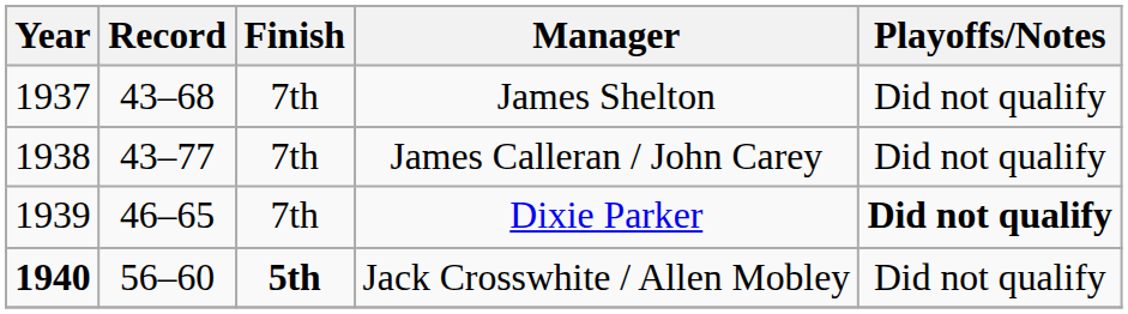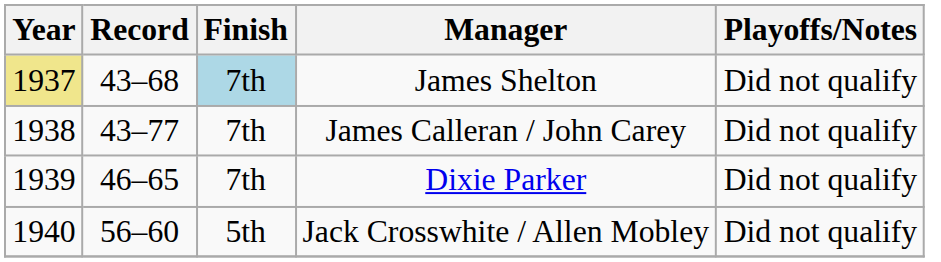 <table class="wikitable" style="text-align:center">
 <tr>
 <th>Year</th>
 <th>Record</th>
 <th>Finish</th>
 <th>Manager</th>
 <th>Playoffs/Notes</th>
 </tr>
 <tr>
-<td>1937</td>
+<td style="background: khaki;">1937</td>
 <td>43–68</td>
-<td>7th</td>
+<td style="background: lightblue;">7th</td>
 <td>James Shelton</td>
 <td>Did not qualify</td>
 </tr>
 <tr>
 <td>1938</td>
 <td>43–77</td>
 <td>7th</td>
 <td>James Calleran / John Carey</td>
 <td>Did not qualify</td>
 </tr>
 <tr>
 <td>1939</td>
 <td>46–65</td>
 <td>7th</td>
 <td><a href='#'>Dixie Parker</a></td>
-<td><strong>Did not qualify</strong></td>
+<td>Did not qualify</td>
 </tr>
 <tr>
-<td><strong>1940</strong></td>
+<td>1940</td>
 <td>56–60</td>
-<td><strong>5th</strong></td>
+<td>5th</td>
 <td>Jack Crosswhite / Allen Mobley</td>
 <td>Did not qualify</td>
 </tr>
 <tr>
 </tr>
 </table>
